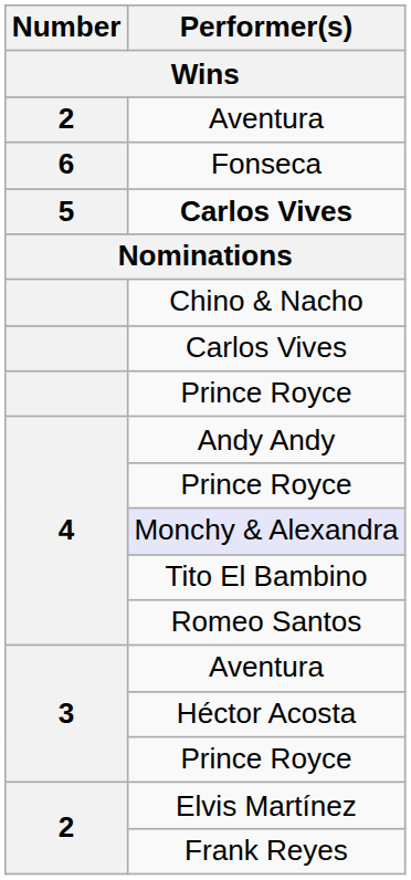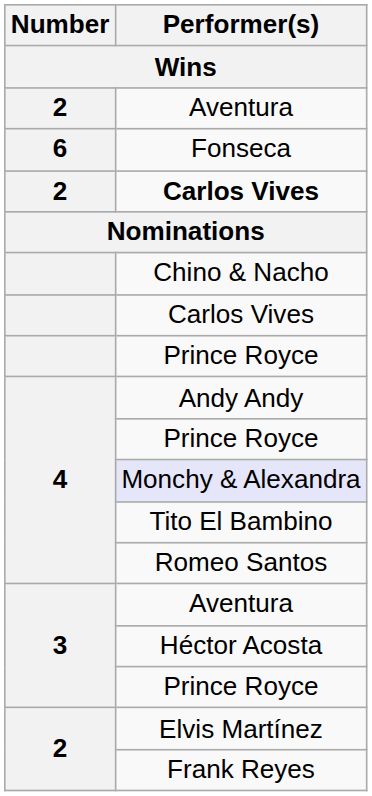 <table class="wikitable" style="text-align:center;">
 <tr>
 <th scope="col" style="width:55px;">Number</th>
 <th scope="col" style="text-align:center;">Performer(s)</th>
 </tr>
 <tr>
 <th colspan="2">Wins</th>
 </tr>
 <tr>
 <th scope="row" rowspan=1 style="text-align:center">2</th>
 <td>Aventura</td>
 </tr>
 <tr>
 <th scope="row" rowspan=1 style="text-align:center">6</th>
 <td>Fonseca</td>
 </tr>
 <tr>
-<th scope="row" rowspan=1 style="text-align:center">5</th>
+<th scope="row" rowspan=1 style="text-align:center">2</th>
 <td><strong>Carlos Vives</strong></td>
 </tr>
 <tr>
 <th colspan="2">Nominations</th>
 </tr>
 <tr>
 <th scope="row"></th>
 <td>Chino & Nacho</td>
 </tr>
 <tr>
 <th scope="row"></th>
 <td>Carlos Vives</td>
 </tr>
 <tr>
 <th scope="row"></th>
 <td>Prince Royce</td>
 </tr>
 <tr>
 <th scope="row" rowspan=5 style="text-align:center">4</th>
 <td>Andy Andy</td>
 </tr>
 <tr>
 <td>Prince Royce</td>
 </tr>
 <tr>
 <td style="background: lavender;">Monchy & Alexandra</td>
 </tr>
 <tr>
 <td>Tito El Bambino</td>
 </tr>
 <tr>
 <td>Romeo Santos</td>
 </tr>
 <tr>
 <th scope="row" rowspan=3 style="text-align:center">3</th>
 <td>Aventura</td>
 </tr>
 <tr>
 <td>Héctor Acosta</td>
 </tr>
 <tr>
 <td>Prince Royce</td>
 </tr>
 <tr>
 <th scope="row" rowspan=2 style="text-align:center">2</th>
 <td>Elvis Martínez</td>
 </tr>
 <tr>
 <td>Frank Reyes</td>
 </tr>
 </table>
